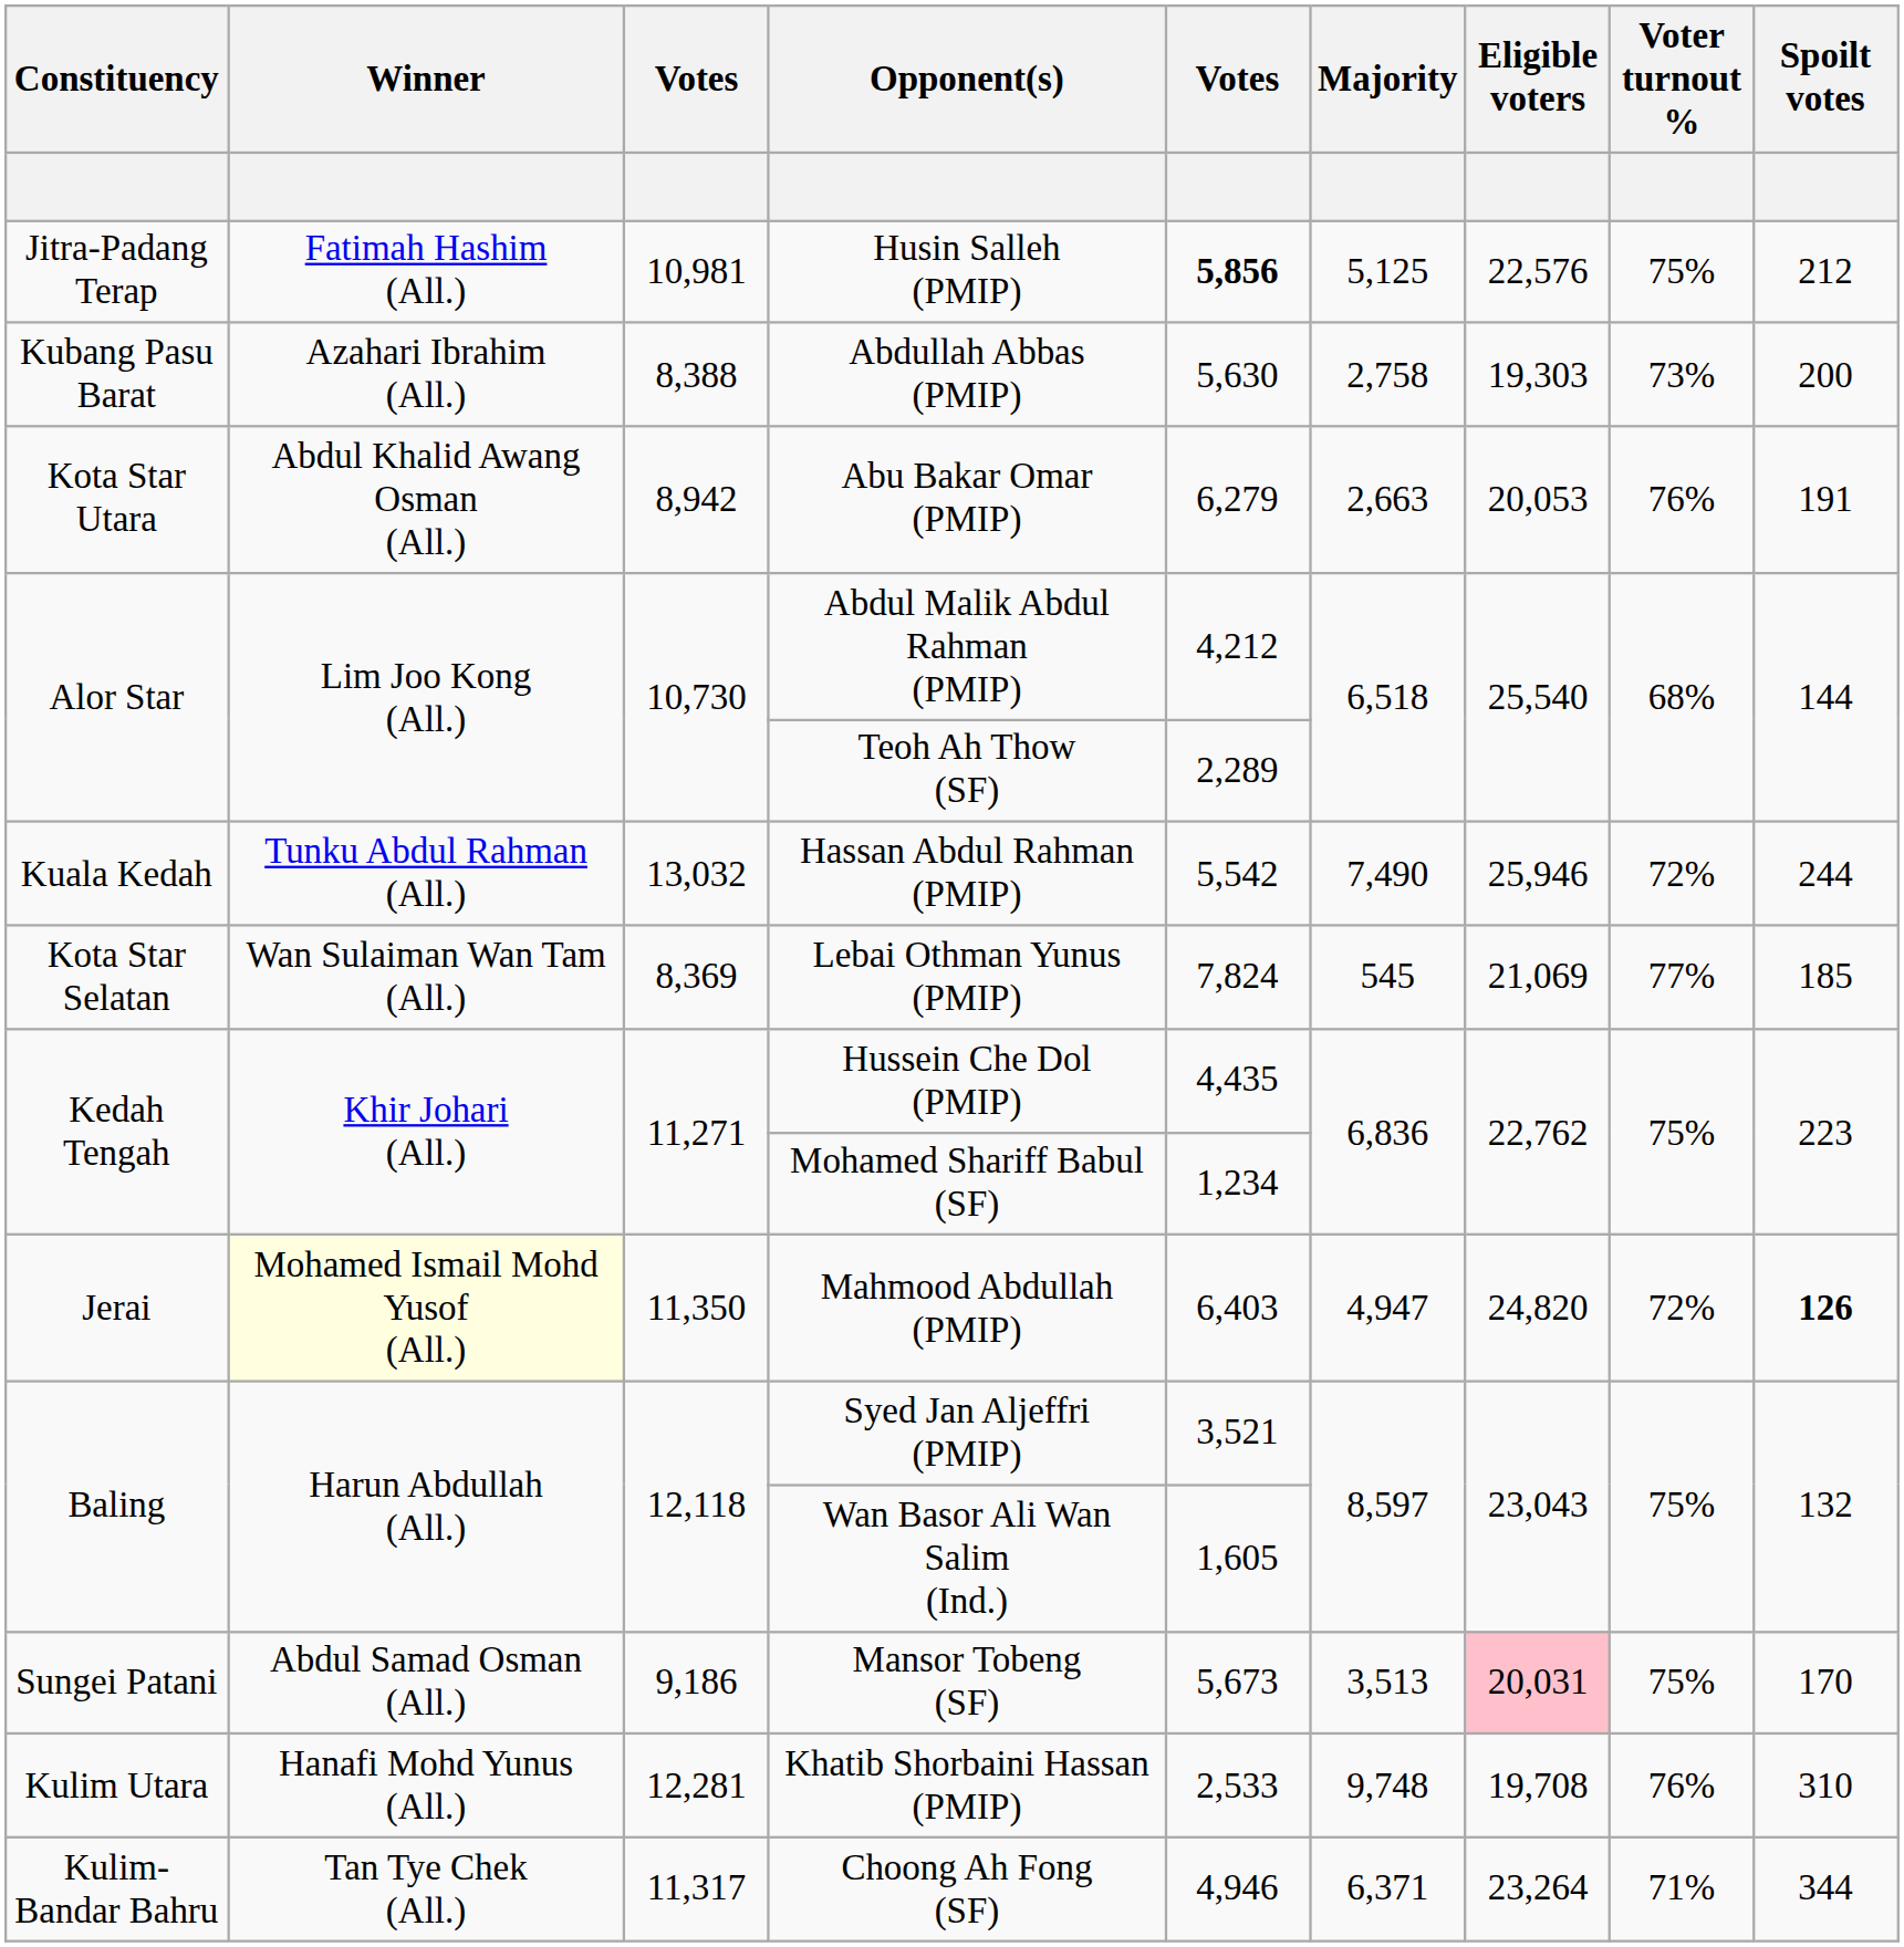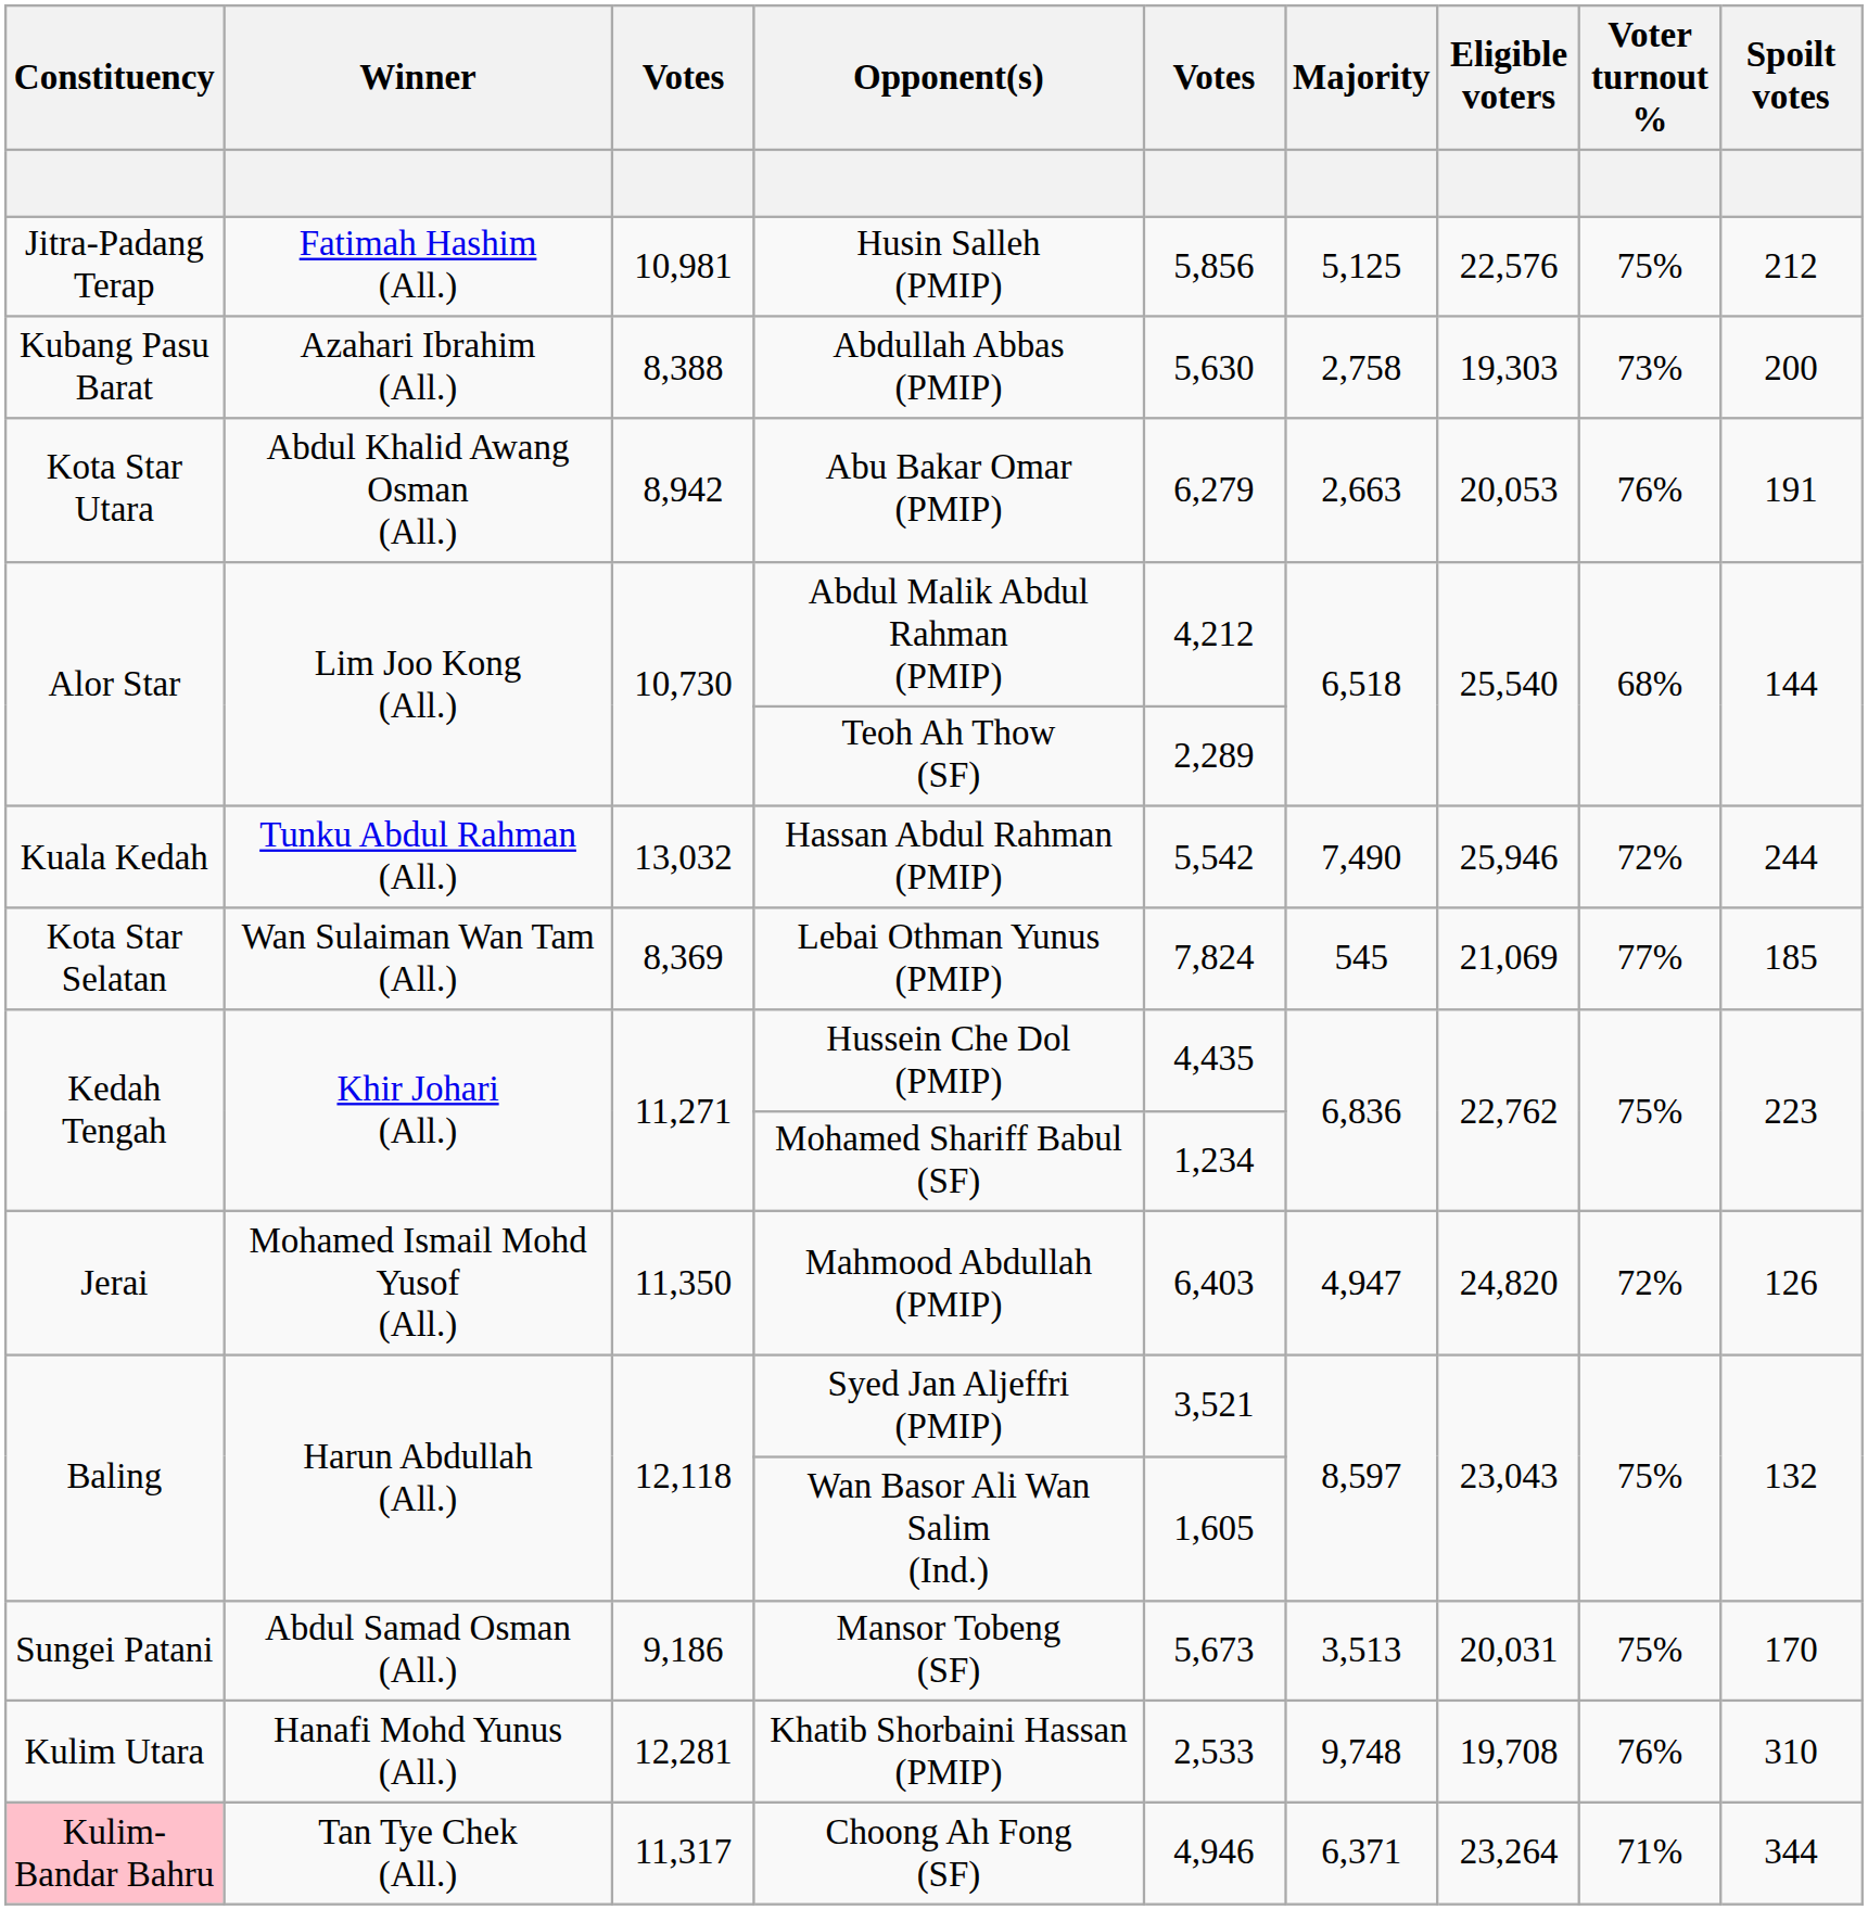 <table class="wikitable sortable" style="text-align:center; font-size:90%">
 <tr>
 <th width="60">Constituency</th>
 <th width="150">Winner</th>
 <th width="50">Votes</th>
 <th width="150">Opponent(s)</th>
 <th width="50">Votes</th>
 <th width="50">Majority</th>
 <th width="50">Eligible voters</th>
 <th width="50">Voter turnout %</th>
 <th width="50">Spoilt votes</th>
 </tr>
 <tr>
 <th height="20"></th>
 <th></th>
 <th></th>
 <th></th>
 <th></th>
 <th></th>
 <th></th>
 <th></th>
 <th></th>
 </tr>
 <tr>
 <td>Jitra-Padang Terap</td>
 <td><a href='#'>Fatimah Hashim</a><br>(All.)</td>
 <td>10,981</td>
 <td>Husin Salleh<br>(PMIP)</td>
-<td><strong>5,856</strong></td>
+<td>5,856</td>
 <td>5,125</td>
 <td>22,576</td>
 <td>75%</td>
 <td>212</td>
 </tr>
 <tr>
 <td>Kubang Pasu Barat</td>
 <td>Azahari Ibrahim<br>(All.)</td>
 <td>8,388</td>
 <td>Abdullah Abbas<br>(PMIP)</td>
 <td>5,630</td>
 <td>2,758</td>
 <td>19,303</td>
 <td>73%</td>
 <td>200</td>
 </tr>
 <tr>
 <td>Kota Star Utara</td>
 <td>Abdul Khalid Awang Osman<br>(All.)</td>
 <td>8,942</td>
 <td>Abu Bakar Omar<br>(PMIP)</td>
 <td>6,279</td>
 <td>2,663</td>
 <td>20,053</td>
 <td>76%</td>
 <td>191</td>
 </tr>
 <tr>
 <td rowspan=2>Alor Star</td>
 <td rowspan=2>Lim Joo Kong<br>(All.)</td>
 <td rowspan=2>10,730</td>
 <td>Abdul Malik Abdul Rahman<br>(PMIP)</td>
 <td>4,212</td>
 <td rowspan=2>6,518</td>
 <td rowspan=2>25,540</td>
 <td rowspan=2>68%</td>
 <td rowspan=2>144</td>
 </tr>
 <tr>
 <td>Teoh Ah Thow<br>(SF)</td>
 <td>2,289</td>
 </tr>
 <tr>
 <td>Kuala Kedah</td>
 <td><a href='#'>Tunku Abdul Rahman</a><br>(All.)</td>
 <td>13,032</td>
 <td>Hassan Abdul Rahman<br>(PMIP)</td>
 <td>5,542</td>
 <td>7,490</td>
 <td>25,946</td>
 <td>72%</td>
 <td>244</td>
 </tr>
 <tr>
 <td>Kota Star Selatan</td>
 <td>Wan Sulaiman Wan Tam<br>(All.)</td>
 <td>8,369</td>
 <td>Lebai Othman Yunus<br>(PMIP)</td>
 <td>7,824</td>
 <td>545</td>
 <td>21,069</td>
 <td>77%</td>
 <td>185</td>
 </tr>
 <tr>
 <td rowspan=2>Kedah Tengah</td>
 <td rowspan=2><a href='#'>Khir Johari</a><br>(All.)</td>
 <td rowspan=2>11,271</td>
 <td>Hussein Che Dol<br>(PMIP)</td>
 <td>4,435</td>
 <td rowspan=2>6,836</td>
 <td rowspan=2>22,762</td>
 <td rowspan="2">75%</td>
 <td rowspan=2>223</td>
 </tr>
 <tr>
 <td>Mohamed Shariff Babul<br>(SF)</td>
 <td>1,234</td>
 </tr>
 <tr>
 <td>Jerai</td>
-<td style="background: lightyellow;">Mohamed Ismail Mohd Yusof<br>(All.)</td>
+<td>Mohamed Ismail Mohd Yusof<br>(All.)</td>
 <td>11,350</td>
 <td>Mahmood Abdullah<br>(PMIP)</td>
 <td>6,403</td>
 <td>4,947</td>
 <td>24,820</td>
 <td>72%</td>
-<td><strong>126</strong></td>
+<td>126</td>
 </tr>
 <tr>
 <td rowspan=2>Baling</td>
 <td rowspan=2>Harun Abdullah<br>(All.)</td>
 <td rowspan=2>12,118</td>
 <td>Syed Jan Aljeffri<br>(PMIP)</td>
 <td>3,521</td>
 <td rowspan=2>8,597</td>
 <td rowspan=2>23,043</td>
 <td rowspan=2>75%</td>
 <td rowspan=2>132</td>
 </tr>
 <tr>
 <td>Wan Basor Ali Wan Salim<br>(Ind.)</td>
 <td>1,605</td>
 </tr>
 <tr>
 <td>Sungei Patani</td>
 <td>Abdul Samad Osman<br>(All.)</td>
 <td>9,186</td>
 <td>Mansor Tobeng<br>(SF)</td>
 <td>5,673</td>
 <td>3,513</td>
-<td style="background: pink;">20,031</td>
+<td>20,031</td>
 <td>75%</td>
 <td>170</td>
 </tr>
 <tr>
 <td>Kulim Utara</td>
 <td>Hanafi Mohd Yunus<br>(All.)</td>
 <td>12,281</td>
 <td>Khatib Shorbaini Hassan<br>(PMIP)</td>
 <td>2,533</td>
 <td>9,748</td>
 <td>19,708</td>
 <td>76%</td>
 <td>310</td>
 </tr>
 <tr>
-<td>Kulim-Bandar Bahru</td>
+<td style="background: pink;">Kulim-Bandar Bahru</td>
 <td>Tan Tye Chek<br>(All.)</td>
 <td>11,317</td>
 <td>Choong Ah Fong<br>(SF)</td>
 <td>4,946</td>
 <td>6,371</td>
 <td>23,264</td>
 <td>71%</td>
 <td>344</td>
 </tr>
 </table>
